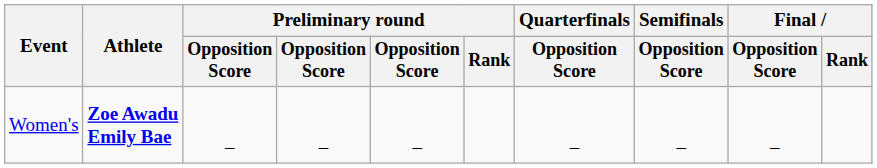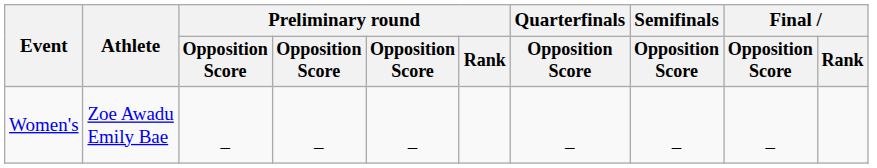 <table class=wikitable style=font-size:90%;text-align:center>
 <tr>
 <th rowspan=2>Event</th>
 <th rowspan=2>Athlete</th>
 <th colspan=4>Preliminary round</th>
 <th>Quarterfinals</th>
 <th>Semifinals</th>
 <th colspan=2>Final / </th>
 </tr>
 <tr style=font-size:95%>
 <th>Opposition<br>Score</th>
 <th>Opposition<br>Score</th>
 <th>Opposition<br>Score</th>
 <th>Rank</th>
 <th>Opposition<br>Score</th>
 <th>Opposition<br>Score</th>
 <th>Opposition<br>Score</th>
 <th>Rank</th>
 </tr>
 <tr>
 <td align=left><a href='#'>Women's</a></td>
-<td align=left><strong><a href='#'>Zoe Awadu</a><br><a href='#'>Emily Bae</a></strong></td>
+<td align=left><a href='#'>Zoe Awadu</a><br><a href='#'>Emily Bae</a></td>
 <td><br> <br> –</td>
 <td><br> <br> –</td>
 <td><br> <br> –</td>
 <td></td>
 <td><br> <br> –</td>
 <td><br> <br> –</td>
 <td><br> <br> –</td>
 <td></td>
 </tr>
 </table>
